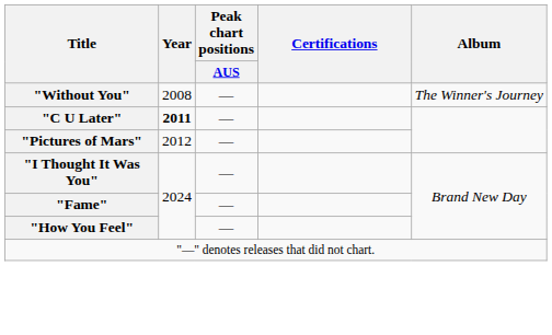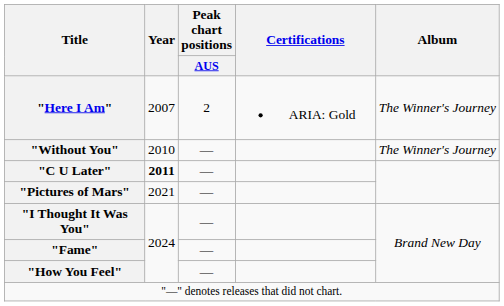 <table class="wikitable plainrowheaders" style="text-align:center;">
 <tr>
 <th rowspan="2" style="width:10em;">Title</th>
 <th rowspan="2">Year</th>
 <th colspan="1">Peak chart<br>positions</th>
 <th rowspan="2" style="width:10em;"><a href='#'>Certifications</a></th>
 <th scope="col" rowspan="2">Album</th>
 </tr>
 <tr>
 <th style="width:3em; font-size:90%"><a href='#'>AUS</a><br></th>
 </tr>
 <tr>
+<th scope="row">"<a href='#'>Here I Am</a>"</th>
+<td>2007</td>
+<td>2</td>
+<td><br><ul><li>ARIA: Gold</li></ul></td>
+<td><em>The Winner's Journey</em></td>
+</tr>
+<tr>
 <th scope="row">"Without You"</th>
-<td>2008</td>
+<td>2010</td>
 <td>—</td>
 <td></td>
 <td><em>The Winner's Journey</em></td>
 </tr>
 <tr>
 <th scope="row">"C U Later"</th>
 <td><strong>2011</strong></td>
 <td>—</td>
 <td></td>
 </tr>
 <tr>
 <th scope="row">"Pictures of Mars"</th>
-<td>2012</td>
+<td>2021</td>
 <td>—</td>
 <td></td>
 </tr>
 <tr>
 <th scope="row">"I Thought It Was You"</th>
 <td rowspan="3">2024</td>
 <td>—</td>
 <td></td>
 <td rowspan="3"><em>Brand New Day</em></td>
 </tr>
 <tr>
 <th scope="row">"Fame"</th>
 <td>—</td>
 <td></td>
 </tr>
 <tr>
 <th scope="row">"How You Feel"</th>
 <td>—</td>
 <td></td>
 </tr>
 <tr>
 <td colspan="5" style="font-size:85%">"—" denotes releases that did not chart.</td>
 </tr>
 </table>
